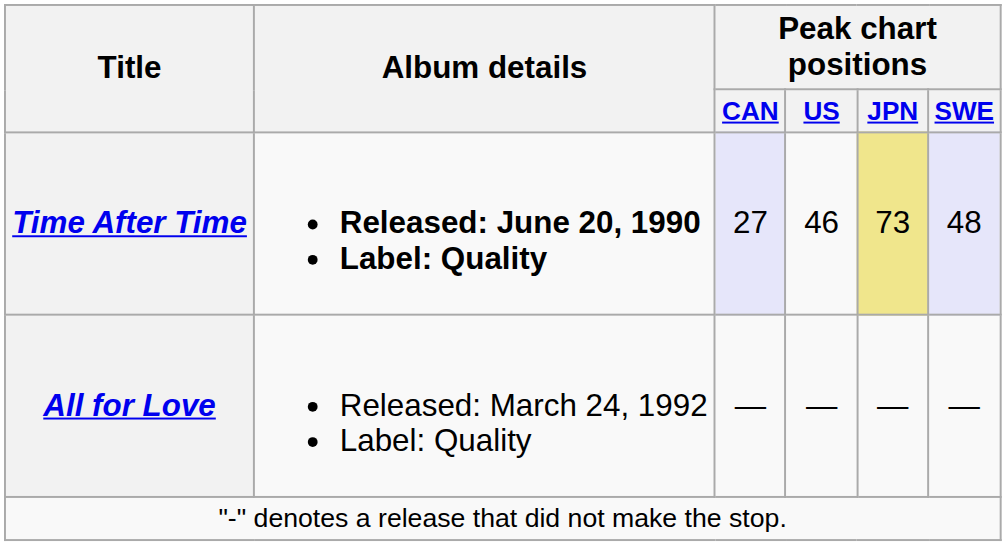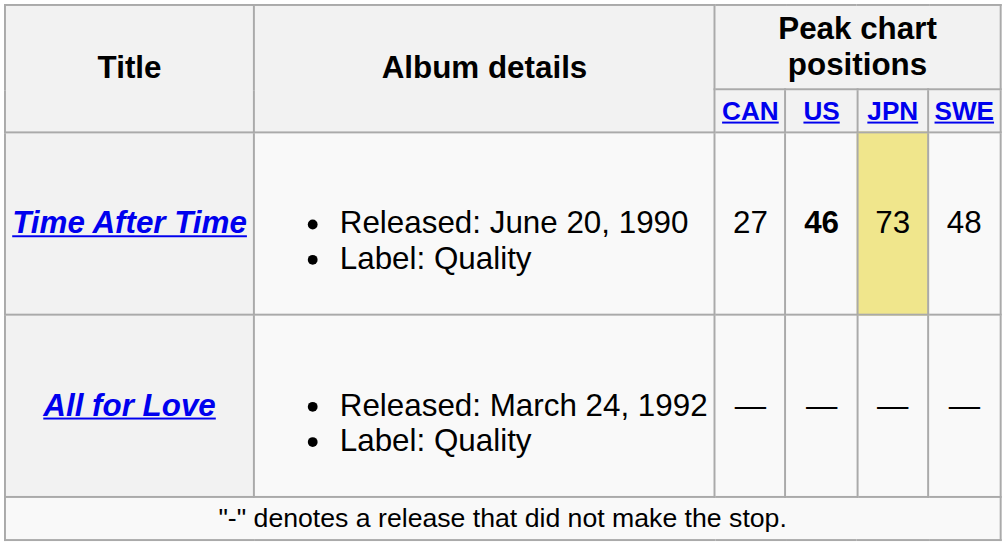 <table Class = "wikitable plainrowheaders">
 <tr>
 <th scope="col" rowspan = "2">Title</th>
 <th scope="col" rowspan = "2">Album details</th>
 <th scope="col" colspan = "4">Peak chart positions</th>
 </tr>
 <tr Style = "font-size: smaller;">
 <th style="width:30px;"><a href='#'>CAN</a><br></th>
 <th style="width:30px;"><a href='#'>US</a><br></th>
 <th style="width:30px;"><a href='#'>JPN</a><br></th>
 <th style="width:30px;"><a href='#'>SWE</a><br></th>
 </tr>
 <tr>
 <th scope="row"><em><a href='#'>Time After Time</a></em></th>
-<td><strong><br><ul><li>Released: June 20, 1990</li><li>Label: Quality</li></ul></strong></td>
-<td style="background: lavender; text-align:center;">27</td>
-<td style="text-align:center;">46</td>
+<td><br><ul><li>Released: June 20, 1990</li><li>Label: Quality</li></ul></td>
+<td style="text-align:center;">27</td>
+<td style="text-align:center;"><strong>46</strong></td>
 <td style="background: khaki; text-align:center;">73</td>
-<td style="background: lavender; text-align:center;">48</td>
+<td style="text-align:center;">48</td>
 </tr>
 <tr>
 <th scope="row"><em><a href='#'>All for Love</a></em></th>
 <td><br><ul><li>Released: March 24, 1992</li><li>Label: Quality</li></ul></td>
 <td style="text-align:center;">—</td>
 <td style="text-align:center;">—</td>
 <td style="text-align:center;">—</td>
 <td style="text-align:center;">—</td>
 </tr>
 <tr>
 <td colspan="16" style="text-align:center; font-size:85%">"-" denotes a release that did not make the stop.</td>
 </tr>
 </table>
